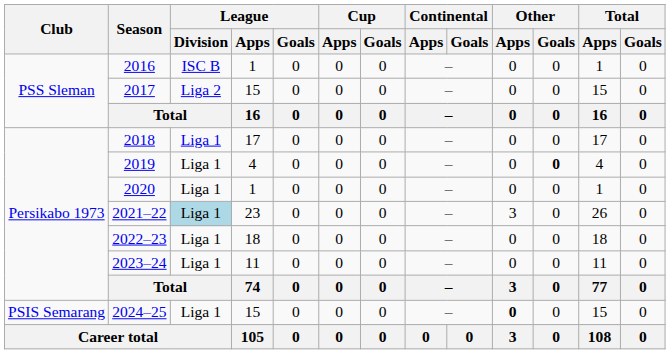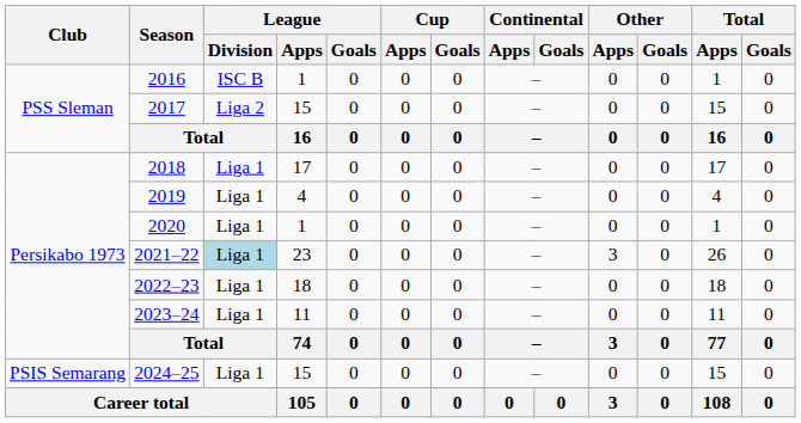 <table class="wikitable" style="text-align: center">
 <tr>
 <th rowspan="2">Club</th>
 <th rowspan="2">Season</th>
 <th colspan="3">League</th>
 <th colspan="2">Cup</th>
 <th colspan="2">Continental</th>
 <th colspan="2">Other</th>
 <th colspan="2">Total</th>
 </tr>
 <tr>
 <th>Division</th>
 <th>Apps</th>
 <th>Goals</th>
 <th>Apps</th>
 <th>Goals</th>
 <th>Apps</th>
 <th>Goals</th>
 <th>Apps</th>
 <th>Goals</th>
 <th>Apps</th>
 <th>Goals</th>
 </tr>
 <tr>
 <td rowspan="3"><a href='#'>PSS Sleman</a></td>
 <td><a href='#'>2016</a></td>
 <td rowspan="1" valign="center"><a href='#'>ISC B</a></td>
 <td>1</td>
 <td>0</td>
 <td>0</td>
 <td>0</td>
 <td colspan="2">–</td>
 <td>0</td>
 <td>0</td>
 <td>1</td>
 <td>0</td>
 </tr>
 <tr>
 <td><a href='#'>2017</a></td>
 <td rowspan="1" valign="center"><a href='#'>Liga 2</a></td>
 <td>15</td>
 <td>0</td>
 <td>0</td>
 <td>0</td>
 <td colspan="2">–</td>
 <td>0</td>
 <td>0</td>
 <td>15</td>
 <td>0</td>
 </tr>
 <tr>
 <th colspan=2>Total</th>
 <th>16</th>
 <th>0</th>
 <th>0</th>
 <th>0</th>
 <th colspan="2">–</th>
 <th>0</th>
 <th>0</th>
 <th>16</th>
 <th>0</th>
 </tr>
 <tr>
 <td rowspan="7"><a href='#'>Persikabo 1973</a></td>
 <td><a href='#'>2018</a></td>
 <td rowspan="1" valign="center"><a href='#'>Liga 1</a></td>
 <td>17</td>
 <td>0</td>
 <td>0</td>
 <td>0</td>
 <td colspan="2">–</td>
 <td>0</td>
 <td>0</td>
 <td>17</td>
 <td>0</td>
 </tr>
 <tr>
 <td><a href='#'>2019</a></td>
 <td rowspan="1" valign="center">Liga 1</td>
 <td>4</td>
 <td>0</td>
 <td>0</td>
 <td>0</td>
 <td colspan="2">–</td>
 <td>0</td>
-<td><strong>0</strong></td>
+<td>0</td>
 <td>4</td>
 <td>0</td>
 </tr>
 <tr>
 <td><a href='#'>2020</a></td>
 <td rowspan="1" valign="center">Liga 1</td>
 <td>1</td>
 <td>0</td>
 <td>0</td>
 <td>0</td>
 <td colspan="2">–</td>
 <td>0</td>
 <td>0</td>
 <td>1</td>
 <td>0</td>
 </tr>
 <tr>
 <td><a href='#'>2021–22</a></td>
 <td rowspan="1" valign="center" style="background: lightblue;">Liga 1</td>
 <td>23</td>
 <td>0</td>
 <td>0</td>
 <td>0</td>
 <td colspan="2">–</td>
 <td>3</td>
 <td>0</td>
 <td>26</td>
 <td>0</td>
 </tr>
 <tr>
 <td><a href='#'>2022–23</a></td>
 <td rowspan="1" valign="center">Liga 1</td>
 <td>18</td>
 <td>0</td>
 <td>0</td>
 <td>0</td>
 <td colspan=2>–</td>
 <td>0</td>
 <td>0</td>
 <td>18</td>
 <td>0</td>
 </tr>
 <tr>
 <td><a href='#'>2023–24</a></td>
 <td>Liga 1</td>
 <td>11</td>
 <td>0</td>
 <td>0</td>
 <td>0</td>
 <td colspan="2">–</td>
 <td>0</td>
 <td>0</td>
 <td>11</td>
 <td>0</td>
 </tr>
 <tr>
 <th colspan="2">Total</th>
 <th>74</th>
 <th>0</th>
 <th>0</th>
 <th>0</th>
 <th colspan="2">–</th>
 <th>3</th>
 <th>0</th>
 <th>77</th>
 <th>0</th>
 </tr>
 <tr>
 <td><a href='#'>PSIS Semarang</a></td>
 <td><a href='#'>2024–25</a></td>
 <td>Liga 1</td>
 <td>15</td>
 <td>0</td>
 <td>0</td>
 <td>0</td>
 <td colspan="2">–</td>
-<td><strong>0</strong></td>
+<td>0</td>
 <td>0</td>
 <td>15</td>
 <td>0</td>
 </tr>
 <tr>
 <th colspan=3>Career total</th>
 <th>105</th>
 <th>0</th>
 <th>0</th>
 <th>0</th>
 <th>0</th>
 <th>0</th>
 <th>3</th>
 <th>0</th>
 <th>108</th>
 <th>0</th>
 </tr>
 </table>
